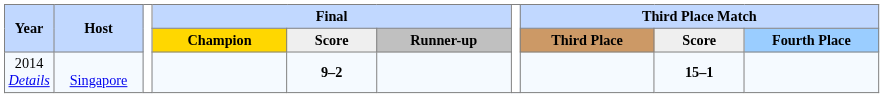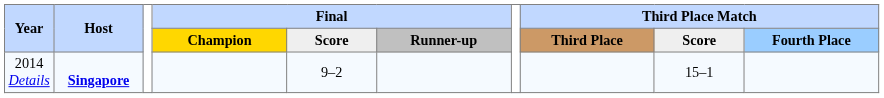 <table border=1 style="border-collapse:collapse; font-size:90%; text-align:center;" cellpadding=3 cellspacing=0 width=100%>
 <tr bgcolor=#C1D8FF>
 <th rowspan=2 width=5%>Year</th>
 <th rowspan=2 width=10%>Host</th>
 <th width=1% rowspan=13 bgcolor=ffffff></th>
 <th colspan=3>Final</th>
 <th width=1% rowspan=13 bgcolor=ffffff></th>
 <th colspan=3>Third Place Match</th>
 </tr>
 <tr bgcolor=#EFEFEF>
 <th width=15% style="background:gold;">Champion</th>
 <th width=10%>Score</th>
 <th width=15% style="background:silver;">Runner-up</th>
 <th width=15% style="background:#cc9966;">Third Place</th>
 <th width=10%>Score</th>
 <th width=15% style="background:#9acdff;">Fourth Place</th>
 </tr>
 <tr bgcolor=#F5FAFF>
 <td>2014<br><em><a href='#'>Details</a></em></td>
-<td><br><a href='#'>Singapore</a></td>
+<td><strong><br><a href='#'>Singapore</a></strong></td>
 <td><strong></strong></td>
-<td><strong>9–2</strong></td>
+<td>9–2</td>
 <td></td>
 <td></td>
-<td><strong>15–1</strong></td>
+<td>15–1</td>
 <td></td>
 </tr>
 </table>
